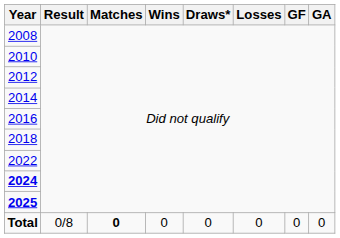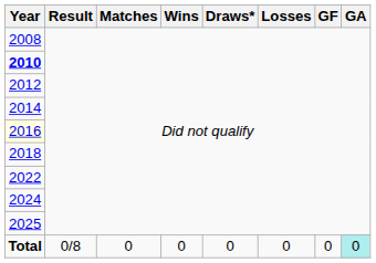 <table class="wikitable" style="text-align: center;">
 <tr>
 <th>Year</th>
 <th>Result</th>
 <th>Matches</th>
 <th>Wins</th>
 <th>Draws*</th>
 <th>Losses</th>
 <th>GF</th>
 <th>GA</th>
 </tr>
 <tr>
 <td> <a href='#'>2008</a></td>
 <td colspan=7 rowspan=9><em>Did not qualify</em></td>
 </tr>
 <tr>
-<td> <a href='#'>2010</a></td>
+<td><strong> <a href='#'>2010</a></strong></td>
 </tr>
 <tr>
 <td> <a href='#'>2012</a></td>
 </tr>
 <tr>
 <td> <a href='#'>2014</a></td>
 </tr>
 <tr>
-<td> <a href='#'>2016</a></td>
+<td style="background: lightyellow;"> <a href='#'>2016</a></td>
 </tr>
 <tr>
 <td> <a href='#'>2018</a></td>
 </tr>
 <tr>
 <td> <a href='#'>2022</a></td>
 </tr>
 <tr>
-<td><strong> <a href='#'>2024</a></strong></td>
+<td> <a href='#'>2024</a></td>
 </tr>
 <tr>
-<td><strong> <a href='#'>2025</a></strong></td>
+<td> <a href='#'>2025</a></td>
 </tr>
 <tr>
 <td><strong>Total</strong></td>
 <td>0/8</td>
-<td><strong>0</strong></td>
 <td>0</td>
 <td>0</td>
 <td>0</td>
 <td>0</td>
 <td>0</td>
+<td style="background: paleturquoise;">0</td>
 </tr>
 </table>
